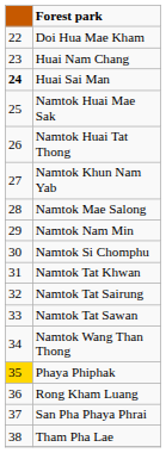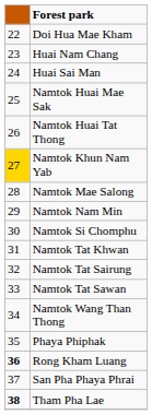 <table class= "wikitable" style= "width:30%; display:inline-table;">
 <tr>
 <td style="width:3%; background:#C65900;"> </td>
 <td style="width:27%;"><strong>Forest park</strong></td>
 </tr>
 <tr>
 <td>22</td>
 <td>Doi Hua Mae Kham</td>
 </tr>
 <tr>
 <td>23</td>
 <td>Huai Nam Chang</td>
 </tr>
 <tr>
-<td><strong>24</strong></td>
+<td>24</td>
 <td>Huai Sai Man</td>
 </tr>
 <tr>
 <td>25</td>
 <td>Namtok Huai Mae Sak</td>
 </tr>
 <tr>
 <td>26</td>
 <td>Namtok Huai Tat Thong</td>
 </tr>
 <tr>
-<td>27</td>
+<td style="background: gold;">27</td>
 <td>Namtok Khun Nam Yab</td>
 </tr>
 <tr>
 <td>28</td>
 <td>Namtok Mae Salong</td>
 </tr>
 <tr>
 <td>29</td>
 <td>Namtok Nam Min</td>
 </tr>
 <tr>
 <td>30</td>
 <td>Namtok Si Chomphu</td>
 </tr>
 <tr>
 <td>31</td>
 <td>Namtok Tat Khwan</td>
 </tr>
 <tr>
 <td>32</td>
 <td>Namtok Tat Sairung</td>
 </tr>
 <tr>
 <td>33</td>
 <td>Namtok Tat Sawan</td>
 </tr>
 <tr>
 <td>34</td>
 <td>Namtok Wang Than Thong</td>
 </tr>
 <tr>
-<td style="background: gold;">35</td>
+<td>35</td>
 <td>Phaya Phiphak</td>
 </tr>
 <tr>
-<td>36</td>
+<td><strong>36</strong></td>
 <td>Rong Kham Luang</td>
 </tr>
 <tr>
 <td>37</td>
 <td>San Pha Phaya Phrai</td>
 </tr>
 <tr>
-<td>38</td>
+<td><strong>38</strong></td>
 <td>Tham Pha Lae</td>
 </tr>
 <tr>
 </tr>
 </table>
